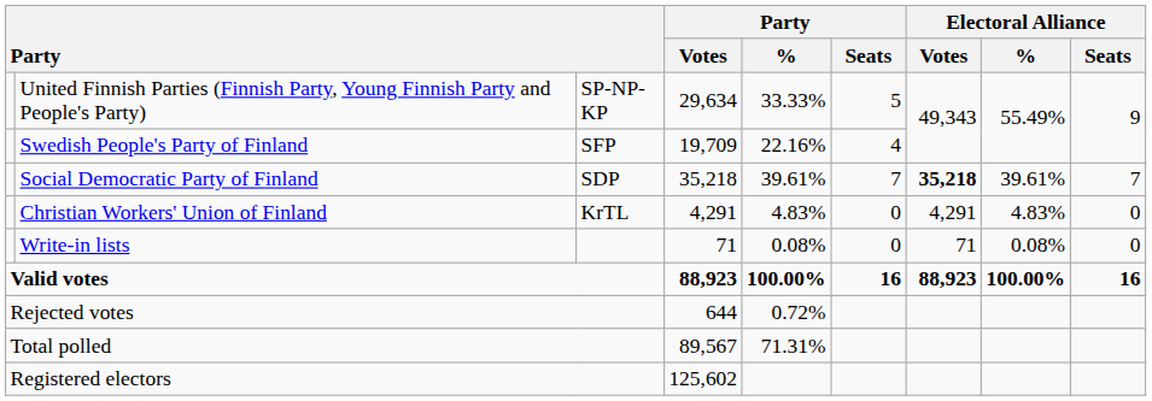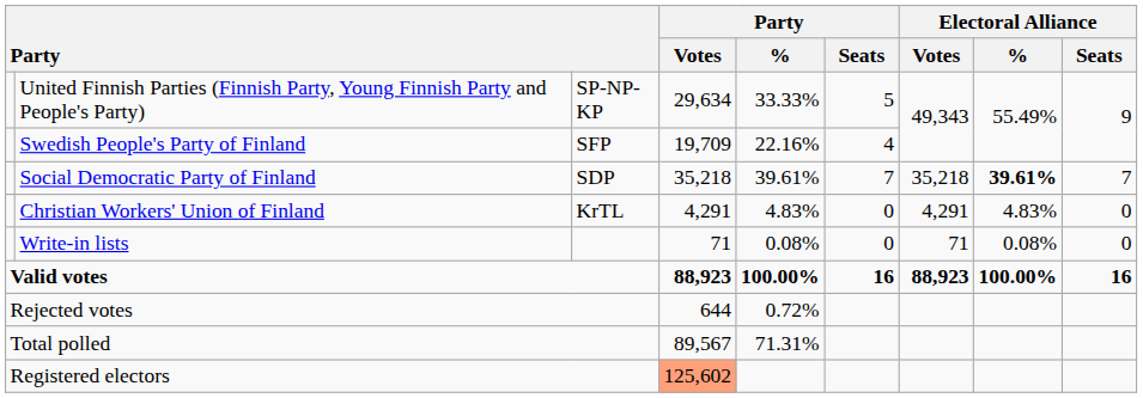 <table class="wikitable" border="1" style="text-align:right;">
 <tr>
 <th style="text-align:left;" valign=bottom rowspan=2 colspan=3>Party</th>
 <th colspan=3>Party</th>
 <th colspan=3>Electoral Alliance</th>
 </tr>
 <tr>
 <th align=center valign=bottom width="50">Votes</th>
 <th align=center valign=bottom width="50">%</th>
 <th align=center valign=bottom width="50">Seats</th>
 <th align=center valign=bottom width="50">Votes</th>
 <th align=center valign=bottom width="50">%</th>
 <th align=center valign=bottom width="50">Seats</th>
 </tr>
 <tr>
 <td></td>
 <td align=left>United Finnish Parties (<a href='#'>Finnish Party</a>, <a href='#'>Young Finnish Party</a> and People's Party)</td>
 <td align=left>SP-NP-KP</td>
 <td>29,634</td>
 <td>33.33%</td>
 <td>5</td>
 <td rowspan=2>49,343</td>
 <td rowspan=2>55.49%</td>
 <td rowspan=2>9</td>
 </tr>
 <tr>
 <td></td>
 <td align=left><a href='#'>Swedish People's Party of Finland</a></td>
 <td align=left>SFP</td>
 <td>19,709</td>
 <td>22.16%</td>
 <td>4</td>
 </tr>
 <tr>
 <td></td>
 <td align=left style="white-space: nowrap;"><a href='#'>Social Democratic Party of Finland</a></td>
 <td align=left>SDP</td>
 <td>35,218</td>
 <td>39.61%</td>
 <td>7</td>
-<td><strong>35,218</strong></td>
-<td>39.61%</td>
+<td>35,218</td>
+<td><strong>39.61%</strong></td>
 <td>7</td>
 </tr>
 <tr>
 <td></td>
 <td align=left><a href='#'>Christian Workers' Union of Finland</a></td>
 <td align=left>KrTL</td>
 <td>4,291</td>
 <td>4.83%</td>
 <td>0</td>
 <td>4,291</td>
 <td>4.83%</td>
 <td>0</td>
 </tr>
 <tr>
 <td></td>
 <td align=left><a href='#'>Write-in lists</a></td>
 <td align=left></td>
 <td>71</td>
 <td>0.08%</td>
 <td>0</td>
 <td>71</td>
 <td>0.08%</td>
 <td>0</td>
 </tr>
 <tr style="font-weight:bold">
 <td align=left colspan=3>Valid votes</td>
 <td>88,923</td>
 <td>100.00%</td>
 <td>16</td>
 <td>88,923</td>
 <td>100.00%</td>
 <td>16</td>
 </tr>
 <tr>
 <td align=left colspan=3>Rejected votes</td>
 <td>644</td>
 <td>0.72%</td>
 <td></td>
 <td></td>
 <td></td>
 <td></td>
 </tr>
 <tr>
 <td align=left colspan=3>Total polled</td>
 <td>89,567</td>
 <td>71.31%</td>
 <td></td>
 <td></td>
 <td></td>
 <td></td>
 </tr>
 <tr>
 <td align=left colspan=3>Registered electors</td>
-<td>125,602</td>
+<td style="background: lightsalmon;">125,602</td>
 <td></td>
 <td></td>
 <td></td>
 <td></td>
 <td></td>
 </tr>
 </table>
